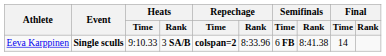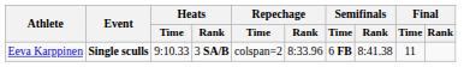 <table class="wikitable" style="font-size:90%">
 <tr>
 <th rowspan="2">Athlete</th>
 <th rowspan="2">Event</th>
 <th colspan="2">Heats</th>
 <th colspan="2">Repechage</th>
 <th colspan="2">Semifinals</th>
 <th colspan="2">Final</th>
 </tr>
 <tr style="font-size:95%">
 <th>Time</th>
 <th>Rank</th>
 <th>Time</th>
 <th>Rank</th>
 <th>Time</th>
 <th>Rank</th>
 <th>Time</th>
 <th>Rank</th>
 </tr>
 <tr align=center>
 <td align=left><a href='#'>Eeva Karppinen</a></td>
 <td align=left><strong>Single sculls</strong></td>
 <td>9:10.33</td>
 <td>3 <strong>SA/B</strong></td>
-<td><strong>colspan=2 </strong></td>
+<td>colspan=2 </td>
 <td>8:33.96</td>
 <td>6 <strong>FB</strong></td>
 <td>8:41.38</td>
-<td>14</td>
+<td>11</td>
 </tr>
 </table>
